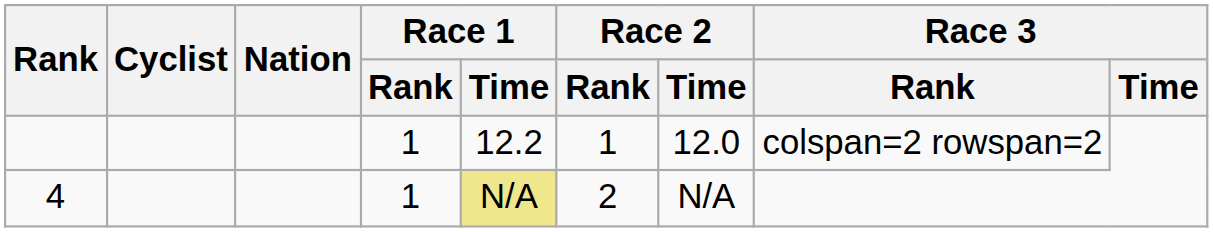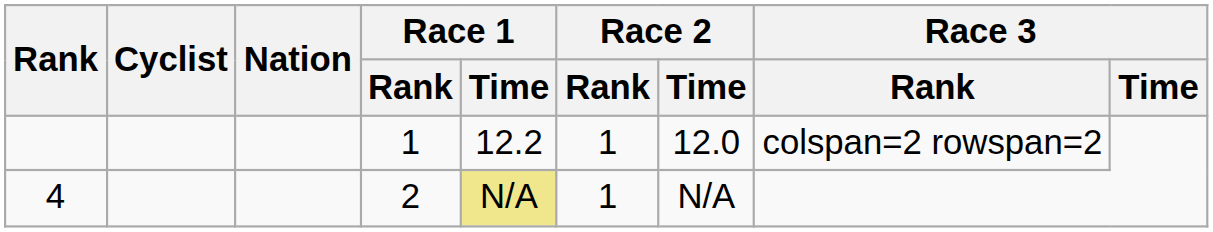 <table class="wikitable sortable" style="text-align:center">
 <tr>
 <th rowspan=2>Rank</th>
 <th rowspan=2>Cyclist</th>
 <th rowspan=2>Nation</th>
 <th colspan=2>Race 1</th>
 <th colspan=2>Race 2</th>
 <th colspan=2>Race 3</th>
 </tr>
 <tr>
 <th>Rank</th>
 <th>Time</th>
 <th>Rank</th>
 <th>Time</th>
 <th>Rank</th>
 <th>Time</th>
 </tr>
 <tr>
 <td></td>
 <td align=left></td>
 <td align=left></td>
 <td>1</td>
 <td>12.2</td>
 <td>1</td>
 <td>12.0</td>
 <td>colspan=2 rowspan=2 </td>
 </tr>
 <tr>
 <td>4</td>
 <td align=left></td>
 <td align=left></td>
+<td>2</td>
+<td style="background: khaki;">N/A</td>
 <td>1</td>
-<td style="background: khaki;">N/A</td>
-<td>2</td>
 <td>N/A</td>
 </tr>
 </table>
